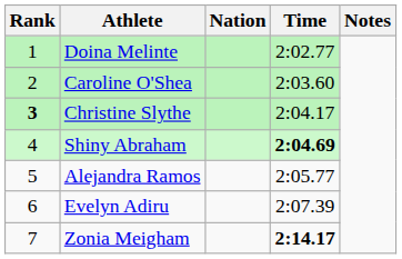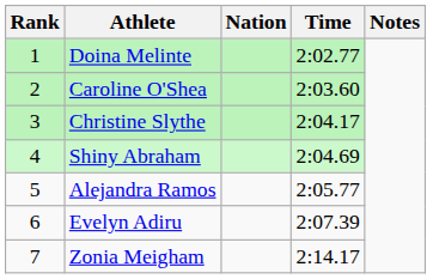 <table class="wikitable sortable" style="text-align:center">
 <tr>
 <th>Rank</th>
 <th>Athlete</th>
 <th>Nation</th>
 <th>Time</th>
 <th>Notes</th>
 </tr>
 <tr style="background:#bbf3bb;">
 <td>1</td>
 <td align=left><a href='#'>Doina Melinte</a></td>
 <td align=left></td>
 <td>2:02.77</td>
 </tr>
 <tr style="background:#bbf3bb;">
 <td>2</td>
 <td align=left><a href='#'>Caroline O'Shea</a></td>
 <td align=left></td>
 <td>2:03.60</td>
 </tr>
 <tr style="background:#bbf3bb;">
-<td><strong>3</strong></td>
+<td>3</td>
 <td align=left><a href='#'>Christine Slythe</a></td>
 <td align=left></td>
 <td>2:04.17</td>
 </tr>
 <tr style="background:#ccf9cc;">
 <td>4</td>
 <td align=left><a href='#'>Shiny Abraham</a></td>
 <td align=left></td>
-<td><strong>2:04.69</strong></td>
+<td>2:04.69</td>
 </tr>
 <tr>
 <td>5</td>
 <td align=left><a href='#'>Alejandra Ramos</a></td>
 <td align=left></td>
 <td>2:05.77</td>
 </tr>
 <tr>
 <td>6</td>
 <td align=left><a href='#'>Evelyn Adiru</a></td>
 <td align=left></td>
 <td>2:07.39</td>
 </tr>
 <tr>
 <td>7</td>
 <td align=left><a href='#'>Zonia Meigham</a></td>
 <td align=left></td>
-<td><strong>2:14.17</strong></td>
+<td>2:14.17</td>
 </tr>
 </table>
